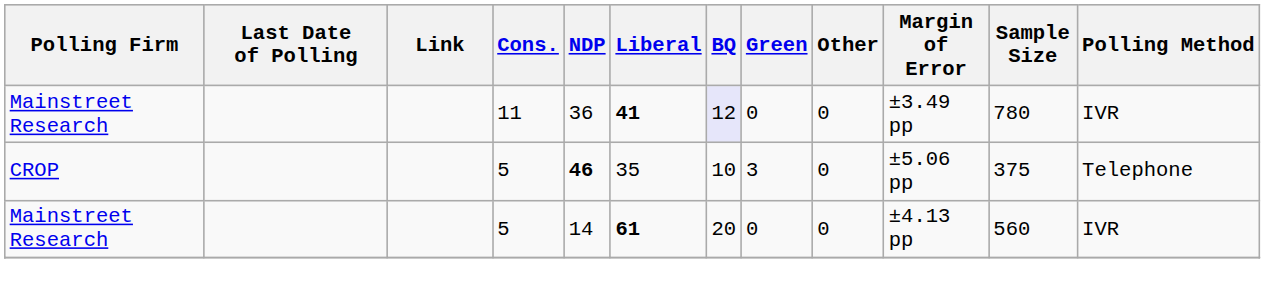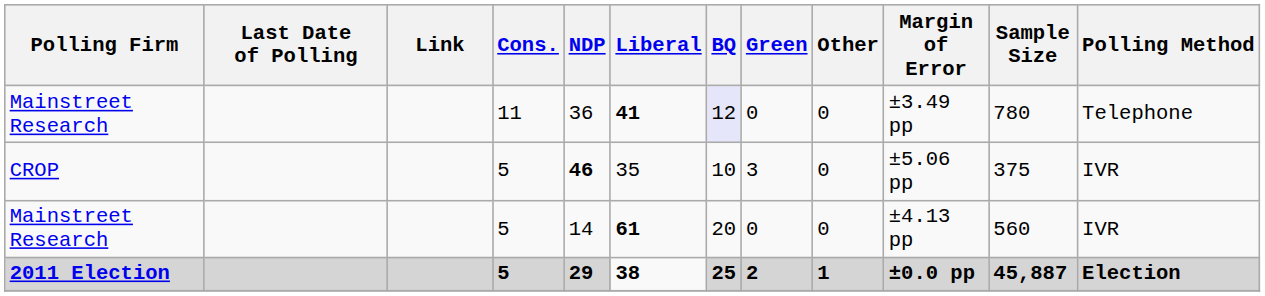 <table class="wikitable sortable">
 <tr style="background:#e9e9e9;">
 <th style="width:120px">Polling Firm</th>
 <th style="width:110px">Last Date<br>of Polling</th>
 <th style="width:60px" class="unsortable">Link</th>
 <th style="background-color:"><strong><a href='#'>Cons.</a></strong></th>
 <th style="background-color:"><strong><a href='#'>NDP</a></strong></th>
 <th style="background-color:"><strong><a href='#'>Liberal</a></strong></th>
 <th style="background-color:"><strong><a href='#'>BQ</a></strong></th>
 <th style="background-color:"><strong><a href='#'>Green</a></strong></th>
 <th style="background-color:"><strong>Other</strong></th>
 <th style="width:60px;" class=unsortable>Margin<br>of Error</th>
 <th style="width:50px;" class=unsortable>Sample<br>Size</th>
 <th class=unsortable>Polling Method</th>
 </tr>
 <tr>
 <td><a href='#'>Mainstreet Research</a></td>
 <td></td>
 <td></td>
 <td>11</td>
 <td>36</td>
 <td><strong>41</strong></td>
 <td style="background: lavender;">12</td>
 <td>0</td>
 <td>0</td>
 <td>±3.49 pp</td>
 <td>780</td>
-<td>IVR</td>
+<td>Telephone</td>
 </tr>
 <tr>
 <td><a href='#'>CROP</a></td>
 <td></td>
 <td></td>
 <td>5</td>
 <td><strong>46</strong></td>
 <td>35</td>
 <td>10</td>
 <td>3</td>
 <td>0</td>
 <td>±5.06 pp</td>
 <td>375</td>
-<td>Telephone</td>
+<td>IVR</td>
 </tr>
 <tr>
 <td><a href='#'>Mainstreet Research</a></td>
 <td></td>
 <td></td>
 <td>5</td>
 <td>14</td>
 <td><strong>61</strong></td>
 <td>20</td>
 <td>0</td>
 <td>0</td>
 <td>±4.13 pp</td>
 <td>560</td>
 <td>IVR</td>
 </tr>
 <tr>
+<td style="background:#D5D5D5"><strong><a href='#'>2011 Election</a></strong></td>
+<td style="background:#D5D5D5"><strong></strong></td>
+<td style="background:#D5D5D5"></td>
+<td style="background:#D5D5D5"><strong>5</strong></td>
+<td style="background:#D5D5D5"><strong>29</strong></td>
+<td><strong>38</strong></td>
+<td style="background:#D5D5D5"><strong>25</strong></td>
+<td style="background:#D5D5D5"><strong>2</strong></td>
+<td style="background:#D5D5D5"><strong>1</strong></td>
+<td style="background:#D5D5D5"><strong>±0.0 pp</strong></td>
+<td style="background:#D5D5D5"><strong>45,887</strong></td>
+<td style="background:#D5D5D5"><strong>Election</strong></td>
+</tr>
+<tr>
 </tr>
 <tr>
 </tr>
 </table>
